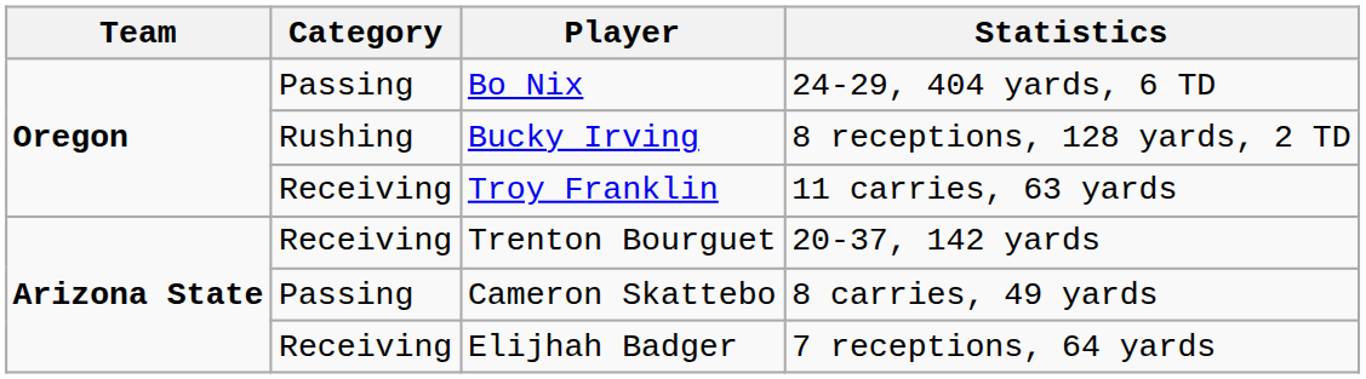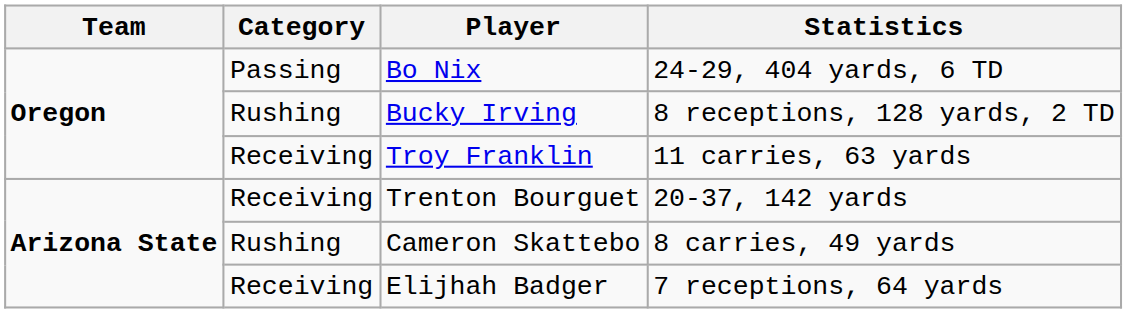 <table class="wikitable" style="float: right;">
 <tr>
 <th>Team</th>
 <th>Category</th>
 <th>Player</th>
 <th>Statistics</th>
 </tr>
 <tr>
 <td rowspan=3><strong>Oregon</strong></td>
 <td>Passing</td>
 <td><a href='#'>Bo Nix</a></td>
 <td>24-29, 404 yards, 6 TD</td>
 </tr>
 <tr>
 <td>Rushing</td>
 <td><a href='#'>Bucky Irving</a></td>
 <td>8 receptions, 128 yards, 2 TD</td>
 </tr>
 <tr>
 <td>Receiving</td>
 <td><a href='#'>Troy Franklin</a></td>
 <td>11 carries, 63 yards</td>
 </tr>
 <tr>
 <td rowspan=3><strong>Arizona State</strong></td>
 <td>Receiving</td>
 <td>Trenton Bourguet</td>
 <td>20-37, 142 yards</td>
 </tr>
 <tr>
-<td>Passing</td>
+<td>Rushing</td>
 <td>Cameron Skattebo</td>
 <td>8 carries, 49 yards</td>
 </tr>
 <tr>
 <td>Receiving</td>
 <td>Elijhah Badger</td>
 <td>7 receptions, 64 yards</td>
 </tr>
 </table>
